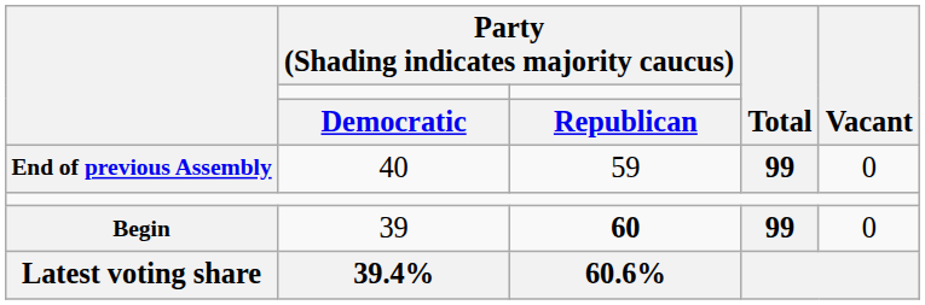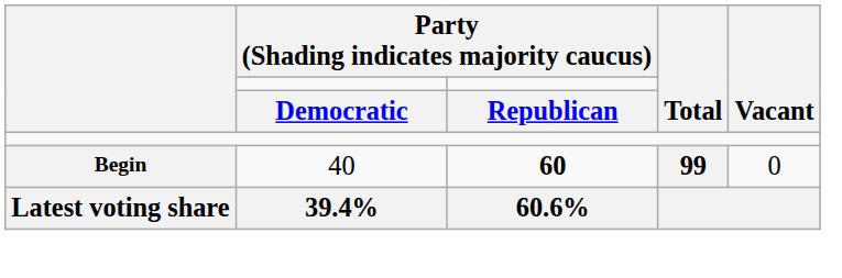 <table class=wikitable style="text-align:center">
 <tr style="vertical-align:bottom;">
 <th rowspan=3></th>
 <th colspan=2>Party <div>(Shading indicates majority caucus)</div></th>
 <th rowspan=3>Total</th>
 <th rowspan=3>Vacant</th>
 </tr>
 <tr style="height:5px">
 <td style="background-color:"></td>
 <td style="background-color:"></td>
 </tr>
 <tr>
 <th><a href='#'>Democratic</a></th>
 <th><a href='#'>Republican</a></th>
 </tr>
 <tr>
-<th nowrap style="font-size:80%">End of <a href='#'>previous Assembly</a></th>
-<td>40</td>
-<td>59</td>
-<th>99</th>
-<td>0</td>
-</tr>
-<tr>
 <td colspan=5></td>
 </tr>
 <tr>
 <th nowrap style="font-size:80%">Begin</th>
-<td>39</td>
+<td>40</td>
 <td><strong>60</strong></td>
 <th>99</th>
 <td>0</td>
 </tr>
 <tr>
 <th>Latest voting share</th>
 <th>39.4%</th>
 <th>60.6%</th>
 <th colspan=2></th>
 </tr>
 </table>
